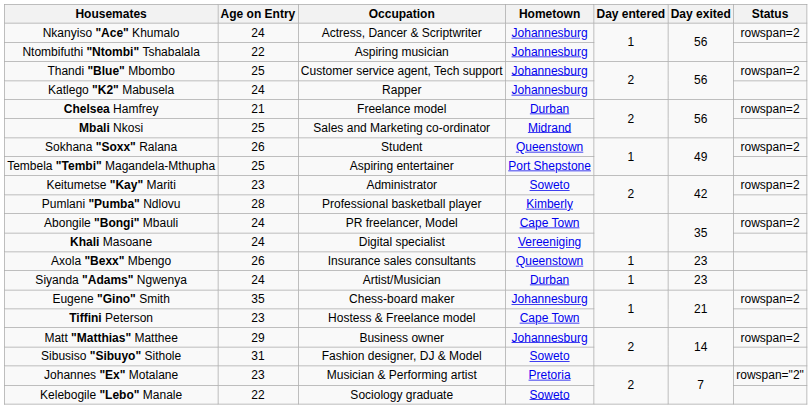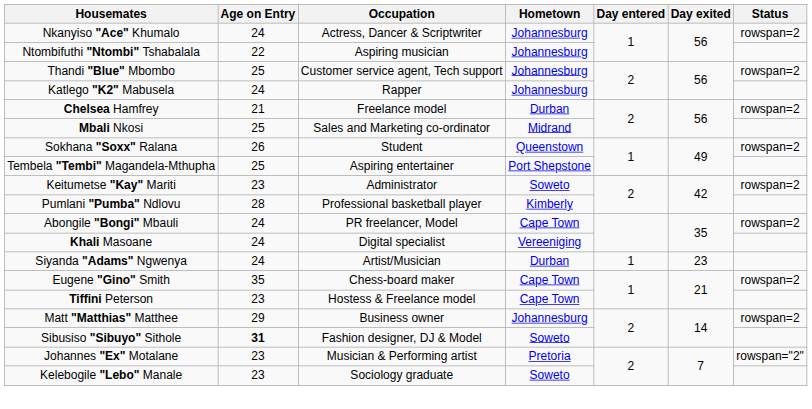 <table class="wikitable" style="text-align:center;">
 <tr>
 <th>Housemates</th>
 <th>Age on Entry</th>
 <th>Occupation</th>
 <th>Hometown</th>
 <th>Day entered</th>
 <th>Day exited</th>
 <th>Status</th>
 </tr>
 <tr>
 <td>Nkanyiso <strong>"Ace" </strong> Khumalo</td>
 <td>24</td>
 <td>Actress, Dancer & Scriptwriter</td>
 <td><a href='#'>Johannesburg</a></td>
 <td rowspan=2>1</td>
 <td rowspan=2>56</td>
 <td>rowspan=2 </td>
 </tr>
 <tr>
 <td>Ntombifuthi <strong>"Ntombi" </strong> Tshabalala</td>
 <td>22</td>
 <td>Aspiring musician</td>
 <td><a href='#'>Johannesburg</a></td>
 </tr>
 <tr>
 <td>Thandi <strong>"Blue" </strong> Mbombo</td>
 <td>25</td>
 <td>Customer service agent, Tech support</td>
 <td><a href='#'>Johannesburg</a></td>
 <td rowspan=2>2</td>
 <td rowspan=2>56</td>
 <td>rowspan=2 </td>
 </tr>
 <tr>
 <td>Katlego <strong>"K2" </strong> Mabusela</td>
 <td>24</td>
 <td>Rapper</td>
 <td><a href='#'>Johannesburg</a></td>
 </tr>
 <tr>
 <td><strong>Chelsea</strong> Hamfrey</td>
 <td>21</td>
 <td>Freelance model</td>
 <td><a href='#'>Durban</a></td>
 <td rowspan=2>2</td>
 <td rowspan=2>56</td>
 <td>rowspan=2 </td>
 </tr>
 <tr>
 <td><strong>Mbali</strong> Nkosi</td>
 <td>25</td>
 <td>Sales and Marketing co-ordinator</td>
 <td><a href='#'>Midrand</a></td>
 </tr>
 <tr>
 <td>Sokhana <strong>"Soxx" </strong> Ralana</td>
 <td>26</td>
 <td>Student</td>
 <td><a href='#'>Queenstown</a></td>
 <td rowspan=2>1</td>
 <td rowspan=2>49</td>
 <td>rowspan=2 </td>
 </tr>
 <tr>
 <td>Tembela <strong>"Tembi" </strong> Magandela-Mthupha</td>
 <td>25</td>
 <td>Aspiring entertainer</td>
 <td><a href='#'>Port Shepstone</a></td>
 </tr>
 <tr>
 <td>Keitumetse <strong>"Kay" </strong> Mariti</td>
 <td>23</td>
 <td>Administrator</td>
 <td><a href='#'>Soweto</a></td>
 <td rowspan=2>2</td>
 <td rowspan=2>42</td>
 <td>rowspan=2 </td>
 </tr>
 <tr>
 <td>Pumlani <strong>"Pumba" </strong> Ndlovu</td>
 <td>28</td>
 <td>Professional basketball player</td>
 <td><a href='#'>Kimberly</a></td>
 </tr>
 <tr>
 <td>Abongile <strong>"Bongi" </strong> Mbauli</td>
 <td>24</td>
 <td>PR freelancer, Model</td>
 <td><a href='#'>Cape Town</a></td>
 <td rowspan=2></td>
 <td rowspan=2>35</td>
 <td>rowspan=2 </td>
 </tr>
 <tr>
 <td><strong>Khali</strong> Masoane</td>
 <td>24</td>
 <td>Digital specialist</td>
 <td><a href='#'>Vereeniging</a></td>
 </tr>
 <tr>
-<td>Axola <strong>"Bexx" </strong> Mbengo</td>
-<td>26</td>
-<td>Insurance sales consultants</td>
-<td><a href='#'>Queenstown</a></td>
-<td>1</td>
-<td>23</td>
-<td></td>
-</tr>
-<tr>
 <td>Siyanda <strong>"Adams" </strong> Ngwenya</td>
 <td>24</td>
 <td>Artist/Musician</td>
 <td><a href='#'>Durban</a></td>
 <td>1</td>
 <td>23</td>
 <td></td>
 </tr>
 <tr>
 <td>Eugene <strong>"Gino" </strong> Smith</td>
 <td>35</td>
 <td>Chess-board maker</td>
-<td><a href='#'>Johannesburg</a></td>
+<td><a href='#'>Cape Town</a></td>
 <td rowspan=2>1</td>
 <td rowspan=2>21</td>
 <td>rowspan=2 </td>
 </tr>
 <tr>
 <td><strong>Tiffini</strong> Peterson</td>
 <td>23</td>
 <td>Hostess & Freelance model</td>
 <td><a href='#'>Cape Town</a></td>
 </tr>
 <tr>
 <td>Matt <strong>"Matthias" </strong> Matthee</td>
 <td>29</td>
 <td>Business owner</td>
 <td><a href='#'>Johannesburg</a></td>
 <td rowspan=2>2</td>
 <td rowspan=2>14</td>
 <td>rowspan=2 </td>
 </tr>
 <tr>
 <td>Sibusiso <strong>"Sibuyo" </strong> Sithole</td>
-<td>31</td>
+<td><strong>31</strong></td>
 <td>Fashion designer, DJ & Model</td>
 <td><a href='#'>Soweto</a></td>
 </tr>
 <tr>
 <td>Johannes <strong>"Ex" </strong> Motalane</td>
 <td>23</td>
 <td>Musician & Performing artist</td>
 <td><a href='#'>Pretoria</a></td>
 <td rowspan=2>2</td>
 <td rowspan=2>7</td>
 <td>rowspan="2" </td>
 </tr>
 <tr>
 <td>Kelebogile <strong>"Lebo" </strong> Manale</td>
-<td>22</td>
+<td>23</td>
 <td>Sociology graduate</td>
 <td><a href='#'>Soweto</a></td>
 </tr>
 </table>
